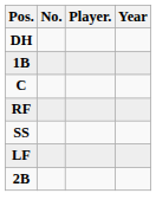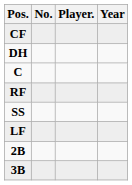 <table class="wikitable non-sortable">
 <tr>
 <th style="text-align:center; ">Pos.</th>
 <th style="text-align:center; ">No.</th>
 <th style="text-align:center; ">Player.</th>
 <th style="text-align:center; ">Year</th>
 </tr>
-<tr style="text-align:center;">
-<td><strong>DH</strong></td>
+<tr style="background:#eeeeee;text-align:center;">
+<td><strong>CF</strong></td>
 <td></td>
 <td></td>
 <td></td>
 </tr>
-<tr style="background:#eeeeee;text-align:center;">
-<td><strong>1B</strong></td>
+<tr style="text-align:center;">
+<td><strong>DH</strong></td>
 <td></td>
 <td></td>
 <td></td>
 </tr>
 <tr style="text-align:center;">
 <td><strong>C</strong></td>
 <td></td>
 <td></td>
 <td></td>
 </tr>
 <tr style="background:#eeeeee;text-align:center;">
 <td><strong>RF</strong></td>
 <td></td>
 <td></td>
 <td></td>
 </tr>
 <tr style="text-align:center;">
 <td><strong>SS</strong></td>
 <td></td>
 <td></td>
 <td></td>
 </tr>
 <tr style="background:#eeeeee;text-align:center;">
 <td><strong>LF</strong></td>
 <td></td>
 <td></td>
 <td></td>
 </tr>
 <tr style="text-align:center;">
 <td><strong>2B</strong></td>
 <td></td>
 <td></td>
 <td></td>
 </tr>
+<tr style="background:#eeeeee;text-align:center;">
+<td><strong>3B</strong></td>
+<td></td>
+<td></td>
+<td></td>
+</tr>
 </table>
